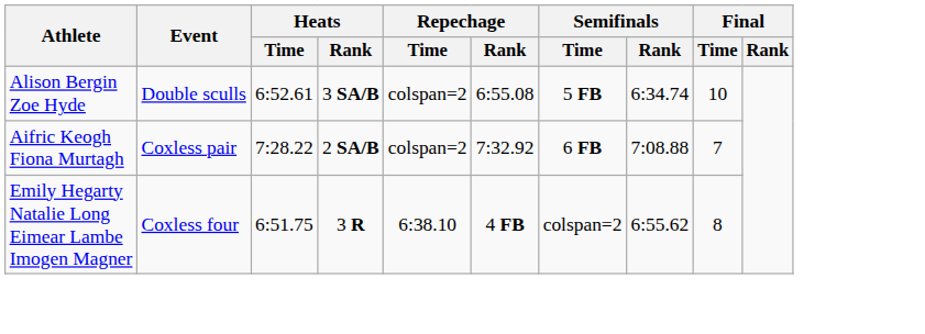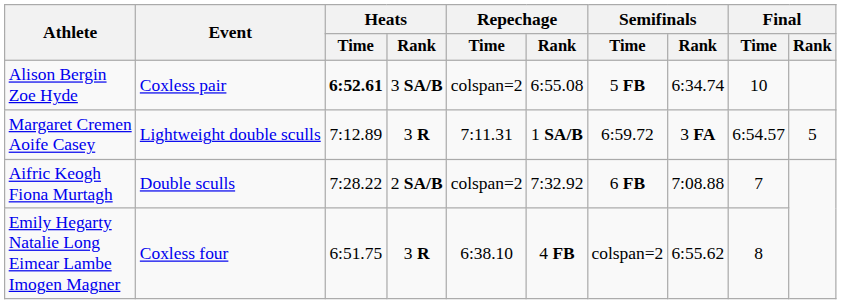 <table class=wikitable style=font-size:90%;text-align:center>
 <tr>
 <th rowspan=2>Athlete</th>
 <th rowspan=2>Event</th>
 <th colspan=2>Heats</th>
 <th colspan=2>Repechage</th>
 <th colspan=2>Semifinals</th>
 <th colspan=2>Final</th>
 </tr>
 <tr style=font-size:95%>
 <th>Time</th>
 <th>Rank</th>
 <th>Time</th>
 <th>Rank</th>
 <th>Time</th>
 <th>Rank</th>
 <th>Time</th>
 <th>Rank</th>
 </tr>
 <tr>
 <td align=left><a href='#'>Alison Bergin</a><br><a href='#'>Zoe Hyde</a></td>
-<td align=left><a href='#'>Double sculls</a></td>
-<td>6:52.61</td>
+<td align=left><a href='#'>Coxless pair</a></td>
+<td><strong>6:52.61</strong></td>
 <td>3 <strong>SA/B</strong></td>
 <td>colspan=2 </td>
 <td>6:55.08</td>
 <td>5 <strong>FB</strong></td>
 <td>6:34.74</td>
 <td>10</td>
 </tr>
 <tr>
+<td align=left><a href='#'>Margaret Cremen</a><br><a href='#'>Aoife Casey</a></td>
+<td align=left><a href='#'>Lightweight double sculls</a></td>
+<td>7:12.89</td>
+<td>3 <strong>R</strong></td>
+<td>7:11.31</td>
+<td>1 <strong>SA/B</strong></td>
+<td>6:59.72</td>
+<td>3 <strong>FA</strong></td>
+<td>6:54.57</td>
+<td>5</td>
+</tr>
+<tr>
 <td align=left><a href='#'>Aifric Keogh</a><br><a href='#'>Fiona Murtagh</a></td>
-<td align=left><a href='#'>Coxless pair</a></td>
+<td align=left><a href='#'>Double sculls</a></td>
 <td>7:28.22</td>
 <td>2 <strong>SA/B</strong></td>
 <td>colspan=2 </td>
 <td>7:32.92</td>
 <td>6 <strong>FB</strong></td>
 <td>7:08.88</td>
 <td>7</td>
 </tr>
 <tr>
 <td align=left><a href='#'>Emily Hegarty</a><br><a href='#'>Natalie Long</a><br><a href='#'>Eimear Lambe</a><br><a href='#'>Imogen Magner</a></td>
 <td align=left><a href='#'>Coxless four</a></td>
 <td>6:51.75</td>
 <td>3 <strong>R</strong></td>
 <td>6:38.10</td>
 <td>4 <strong>FB</strong></td>
 <td>colspan=2 </td>
 <td>6:55.62</td>
 <td>8</td>
 </tr>
 </table>
